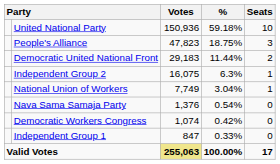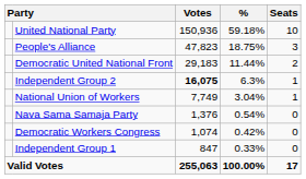 <table class="wikitable" style="text-align:right;">
 <tr>
 <th style="text-align:left;" colspan="2">Party</th>
 <th style="text-align:center; width:60px;">Votes</th>
 <th style="text-align:center; width:60px;">%</th>
 <th style="text-align:center; width:40px;">Seats</th>
 </tr>
 <tr>
 <td bgcolor=> </td>
 <td align=left><a href='#'>United National Party</a></td>
 <td>150,936</td>
 <td>59.18%</td>
 <td>10</td>
 </tr>
 <tr>
 <td bgcolor=> </td>
 <td align=left><a href='#'>People's Alliance</a></td>
 <td>47,823</td>
 <td>18.75%</td>
 <td>3</td>
 </tr>
 <tr>
 <td bgcolor=> </td>
 <td align=left><a href='#'>Democratic United National Front</a></td>
 <td>29,183</td>
 <td>11.44%</td>
 <td>2</td>
 </tr>
 <tr>
 <td bgcolor=> </td>
 <td align=left><a href='#'>Independent Group 2</a></td>
-<td>16,075</td>
+<td><strong>16,075</strong></td>
 <td>6.3%</td>
 <td>1</td>
 </tr>
 <tr>
 <td bgcolor=> </td>
 <td align=left><a href='#'>National Union of Workers</a></td>
 <td>7,749</td>
 <td>3.04%</td>
 <td>1</td>
 </tr>
 <tr>
 <td bgcolor=> </td>
 <td align=left><a href='#'>Nava Sama Samaja Party</a></td>
 <td>1,376</td>
 <td>0.54%</td>
 <td>0</td>
 </tr>
 <tr>
 <td bgcolor=> </td>
 <td align=left><a href='#'>Democratic Workers Congress</a></td>
 <td>1,074</td>
 <td>0.42%</td>
 <td>0</td>
 </tr>
 <tr>
 <td bgcolor=> </td>
 <td align=left><a href='#'>Independent Group 1</a></td>
 <td>847</td>
 <td>0.33%</td>
 <td>0</td>
 </tr>
 <tr style="font-weight:bold">
 <td style="text-align:left;" colspan="2">Valid Votes</td>
-<td style="background: khaki;">255,063</td>
+<td>255,063</td>
 <td>100.00%</td>
 <td>17</td>
 </tr>
 </table>
